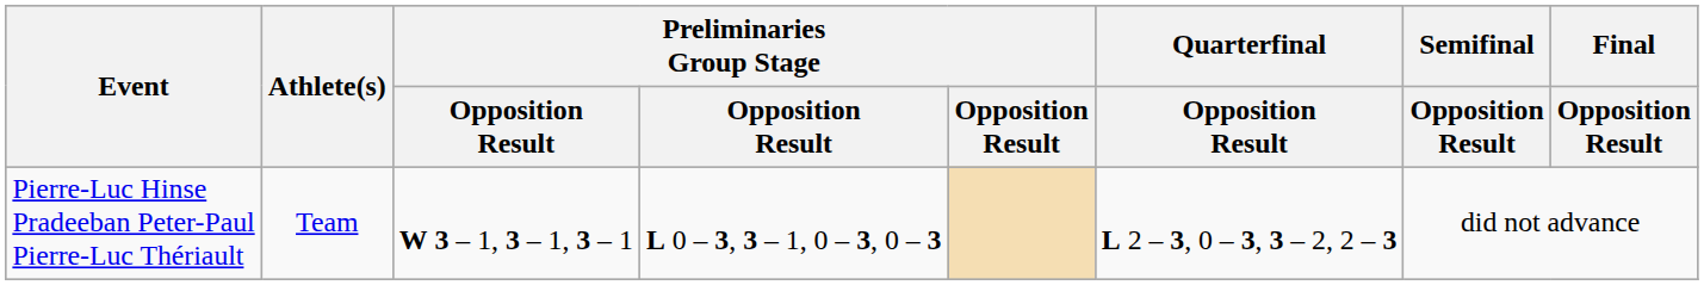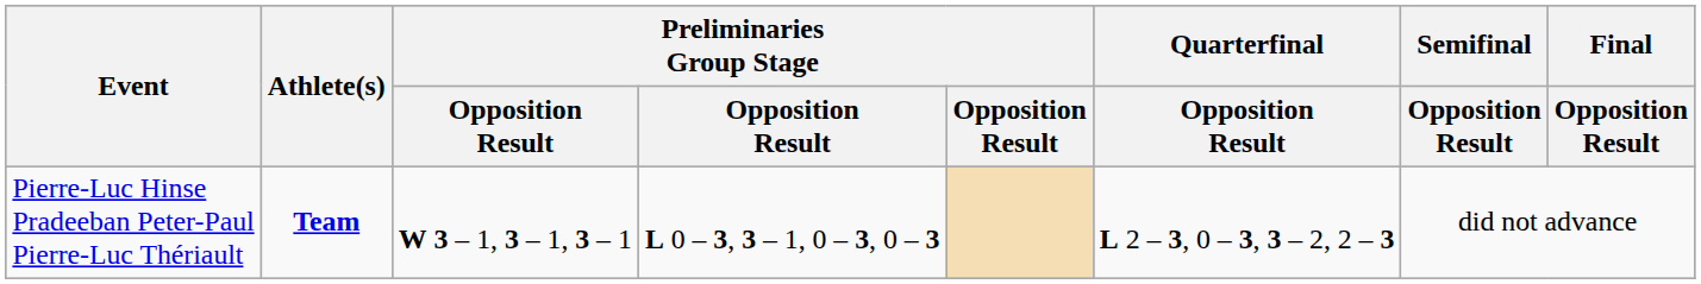 <table class="wikitable" border="1" style="font-size:90%">
 <tr>
 <th rowspan=2>Event</th>
 <th rowspan=2>Athlete(s)</th>
 <th colspan=3>Preliminaries<br>Group Stage</th>
 <th>Quarterfinal</th>
 <th>Semifinal</th>
 <th>Final</th>
 </tr>
 <tr>
 <th>Opposition<br>Result</th>
 <th>Opposition<br>Result</th>
 <th>Opposition<br>Result</th>
 <th>Opposition<br>Result</th>
 <th>Opposition<br>Result</th>
 <th>Opposition<br>Result</th>
 </tr>
 <tr>
 <td><a href='#'>Pierre-Luc Hinse</a><br><a href='#'>Pradeeban Peter-Paul</a><br><a href='#'>Pierre-Luc Thériault</a></td>
-<td align=center><a href='#'>Team</a></td>
+<td align=center><strong><a href='#'>Team</a></strong></td>
 <td align=center><br> <strong>W</strong> <strong>3</strong> – 1, <strong>3</strong> – 1, <strong>3</strong> – 1</td>
 <td align=center><br> <strong>L</strong> 0 – <strong>3</strong>, <strong>3</strong> – 1, 0 – <strong>3</strong>, 0 – <strong>3</strong></td>
 <td align=center bgcolor=wheat></td>
 <td align=center><br> <strong>L</strong> 2 – <strong>3</strong>, 0 – <strong>3</strong>, <strong>3</strong> – 2, 2 – <strong>3</strong></td>
 <td align="center" colspan="7">did not advance</td>
 </tr>
 </table>
